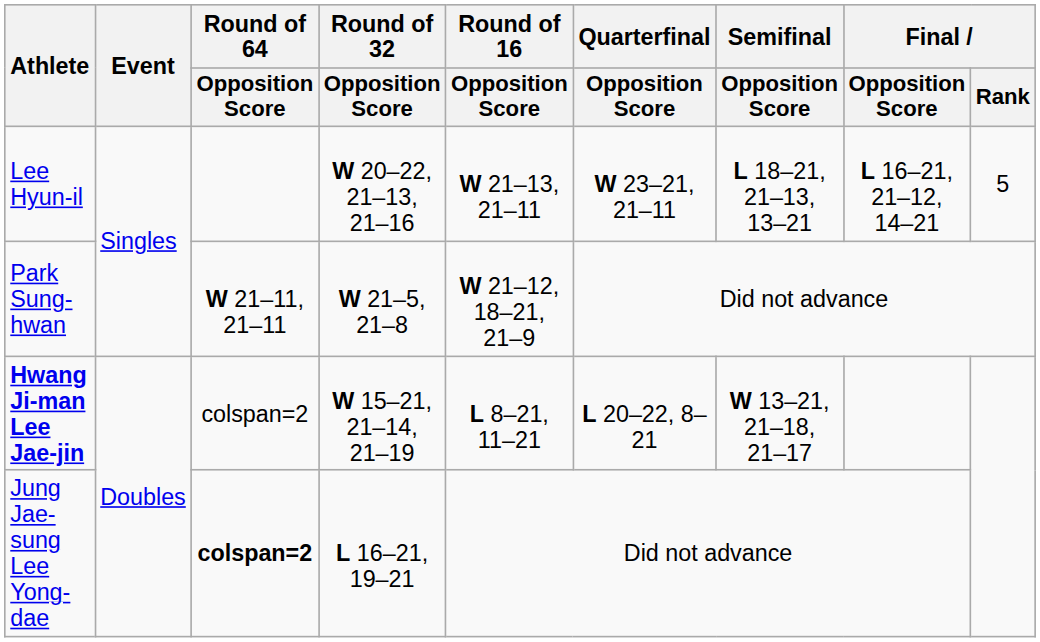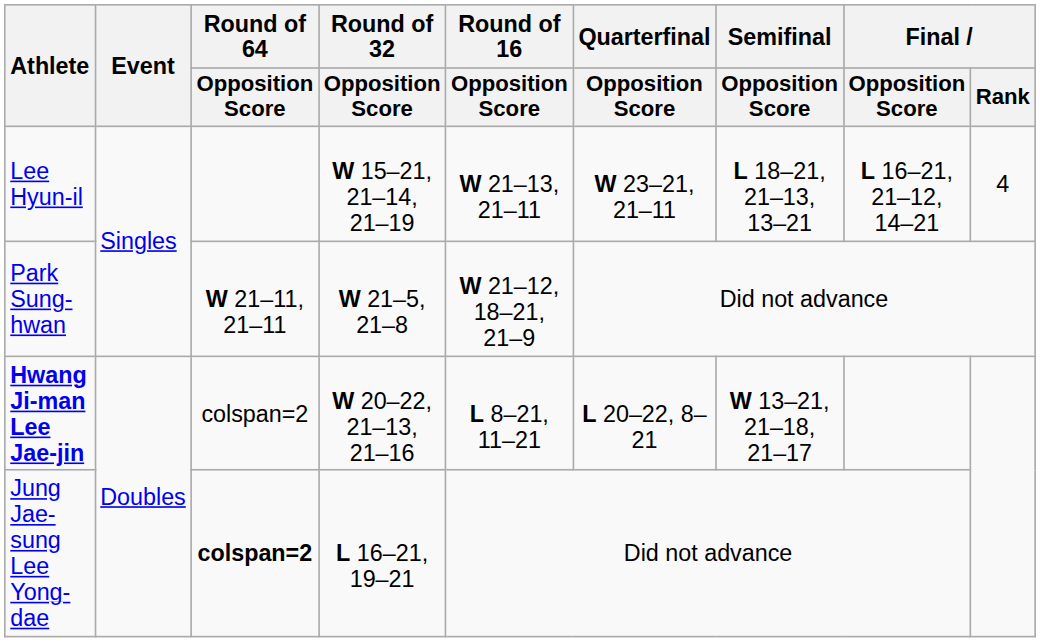 <table class=wikitable style="font-size:90%">
 <tr>
 <th rowspan="2">Athlete</th>
 <th rowspan="2">Event</th>
 <th>Round of 64</th>
 <th>Round of 32</th>
 <th>Round of 16</th>
 <th>Quarterfinal</th>
 <th>Semifinal</th>
 <th colspan=2>Final / </th>
 </tr>
 <tr style="font-size:95%">
 <th>Opposition<br>Score</th>
 <th>Opposition<br>Score</th>
 <th>Opposition<br>Score</th>
 <th>Opposition<br>Score</th>
 <th>Opposition<br>Score</th>
 <th>Opposition<br>Score</th>
 <th>Rank</th>
 </tr>
 <tr align=center>
 <td align=left><a href='#'>Lee Hyun-il</a></td>
 <td align=left rowspan=2><a href='#'>Singles</a></td>
 <td></td>
-<td><br><strong>W</strong> 20–22, 21–13, 21–16</td>
+<td><br><strong>W</strong> 15–21, 21–14, 21–19</td>
 <td><br><strong>W</strong> 21–13, 21–11</td>
 <td><br><strong>W</strong> 23–21, 21–11</td>
 <td><br><strong>L</strong> 18–21, 21–13, 13–21</td>
 <td><br><strong>L</strong> 16–21, 21–12, 14–21</td>
-<td>5</td>
+<td>4</td>
 </tr>
 <tr align=center>
 <td align=left><a href='#'>Park Sung-hwan</a></td>
 <td><br><strong>W</strong> 21–11, 21–11</td>
 <td><br><strong>W</strong> 21–5, 21–8</td>
 <td><br><strong>W</strong> 21–12, 18–21, 21–9</td>
 <td colspan=4>Did not advance</td>
 </tr>
 <tr align=center>
 <td align=left><strong><a href='#'>Hwang Ji-man</a><br><a href='#'>Lee Jae-jin</a></strong></td>
 <td align=left rowspan=2><a href='#'>Doubles</a></td>
 <td>colspan=2 </td>
-<td><br><strong>W</strong> 15–21, 21–14, 21–19</td>
+<td><br><strong>W</strong> 20–22, 21–13, 21–16</td>
 <td><br><strong>L</strong> 8–21, 11–21</td>
 <td><br><strong>L</strong> 20–22, 8–21</td>
 <td><br><strong>W</strong> 13–21, 21–18, 21–17</td>
 <td></td>
 </tr>
 <tr align=center>
 <td align=left><a href='#'>Jung Jae-sung</a><br><a href='#'>Lee Yong-dae</a></td>
 <td><strong>colspan=2 </strong></td>
 <td><br><strong>L</strong> 16–21, 19–21</td>
 <td colspan=4>Did not advance</td>
 </tr>
 </table>
